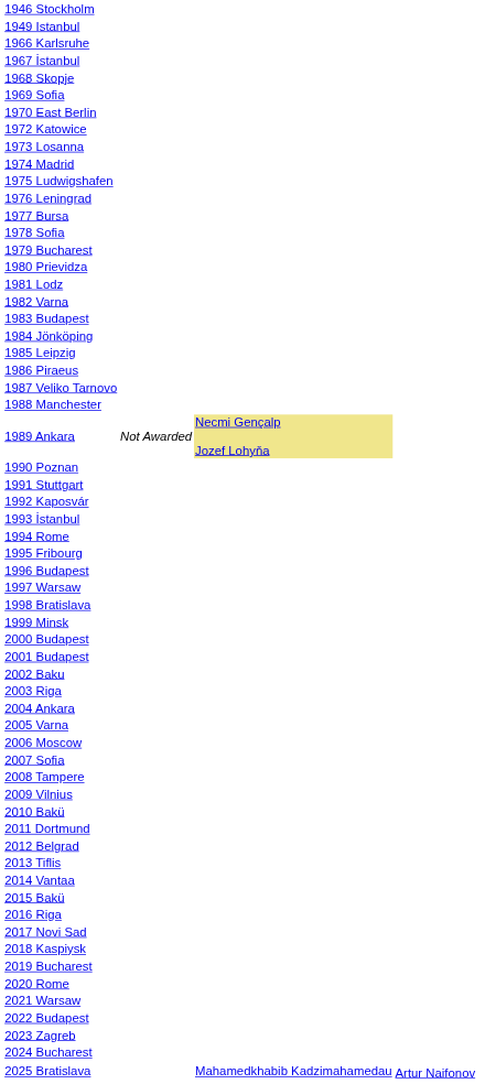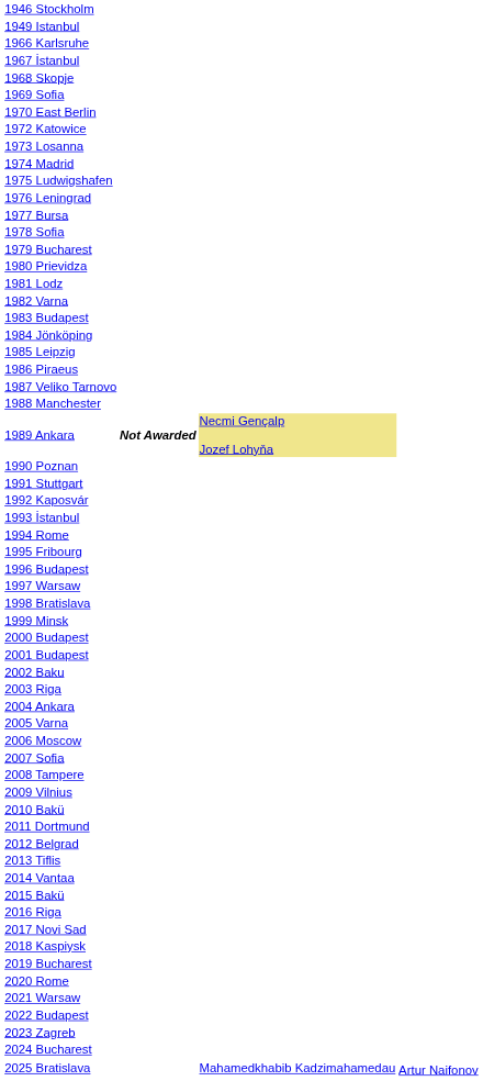 <table>
 <tr>
 <td><a href='#'>1946 Stockholm</a></td>
 <td></td>
 <td></td>
 <td></td>
 </tr>
 <tr>
 <td><a href='#'>1949 Istanbul</a></td>
 <td></td>
 <td></td>
 <td></td>
 </tr>
 <tr>
 <td><a href='#'>1966 Karlsruhe</a></td>
 <td></td>
 <td></td>
 <td></td>
 </tr>
 <tr>
 <td><a href='#'>1967 İstanbul</a></td>
 <td></td>
 <td></td>
 <td></td>
 </tr>
 <tr>
 <td><a href='#'>1968 Skopje</a></td>
 <td></td>
 <td></td>
 <td></td>
 </tr>
 <tr>
 <td><a href='#'>1969 Sofia</a></td>
 <td></td>
 <td></td>
 <td></td>
 </tr>
 <tr>
 <td><a href='#'>1970 East Berlin</a></td>
 <td></td>
 <td></td>
 <td></td>
 </tr>
 <tr>
 <td><a href='#'>1972 Katowice</a></td>
 <td></td>
 <td></td>
 <td></td>
 </tr>
 <tr>
 <td><a href='#'>1973 Losanna</a></td>
 <td></td>
 <td></td>
 <td></td>
 </tr>
 <tr>
 <td><a href='#'>1974 Madrid</a></td>
 <td></td>
 <td></td>
 <td></td>
 </tr>
 <tr>
 <td><a href='#'>1975 Ludwigshafen</a></td>
 <td></td>
 <td></td>
 <td></td>
 </tr>
 <tr>
 <td><a href='#'>1976 Leningrad</a></td>
 <td></td>
 <td></td>
 <td></td>
 </tr>
 <tr>
 <td><a href='#'>1977 Bursa</a></td>
 <td></td>
 <td></td>
 <td></td>
 </tr>
 <tr>
 <td><a href='#'>1978 Sofia</a></td>
 <td></td>
 <td></td>
 <td></td>
 </tr>
 <tr>
 <td><a href='#'>1979 Bucharest</a></td>
 <td></td>
 <td></td>
 <td></td>
 </tr>
 <tr>
 <td><a href='#'>1980 Prievidza</a></td>
 <td></td>
 <td></td>
 <td></td>
 </tr>
 <tr>
 <td><a href='#'>1981 Lodz</a></td>
 <td></td>
 <td></td>
 <td></td>
 </tr>
 <tr>
 <td><a href='#'>1982 Varna</a></td>
 <td></td>
 <td></td>
 <td></td>
 </tr>
 <tr>
 <td><a href='#'>1983 Budapest</a></td>
 <td></td>
 <td></td>
 <td></td>
 </tr>
 <tr>
 <td><a href='#'>1984 Jönköping</a></td>
 <td></td>
 <td></td>
 <td></td>
 </tr>
 <tr>
 <td><a href='#'>1985 Leipzig</a></td>
 <td></td>
 <td></td>
 <td></td>
 </tr>
 <tr>
 <td><a href='#'>1986 Piraeus</a></td>
 <td></td>
 <td></td>
 <td></td>
 </tr>
 <tr>
 <td><a href='#'>1987 Veliko Tarnovo</a></td>
 <td></td>
 <td></td>
 <td></td>
 </tr>
 <tr>
 <td><a href='#'>1988 Manchester</a></td>
 <td></td>
 <td></td>
 <td></td>
 </tr>
 <tr>
 <td><a href='#'>1989 Ankara</a></td>
-<td><em>Not Awarded</em></td>
+<td><strong><em>Not Awarded</em></strong></td>
 <td style="background: khaki;"><a href='#'>Necmi Gençalp</a> <br>  <br> <a href='#'>Jozef Lohyňa</a> <br> </td>
 <td></td>
 </tr>
 <tr>
 <td><a href='#'>1990 Poznan</a></td>
 <td></td>
 <td></td>
 <td></td>
 </tr>
 <tr>
 <td><a href='#'>1991 Stuttgart</a></td>
 <td></td>
 <td></td>
 <td></td>
 </tr>
 <tr>
 <td><a href='#'>1992 Kaposvár</a></td>
 <td></td>
 <td></td>
 <td></td>
 </tr>
 <tr>
 <td><a href='#'>1993 İstanbul</a></td>
 <td></td>
 <td></td>
 <td></td>
 </tr>
 <tr>
 <td><a href='#'>1994 Rome</a></td>
 <td></td>
 <td></td>
 <td></td>
 </tr>
 <tr>
 <td><a href='#'>1995 Fribourg</a></td>
 <td></td>
 <td></td>
 <td></td>
 </tr>
 <tr>
 <td><a href='#'>1996 Budapest</a></td>
 <td></td>
 <td></td>
 <td></td>
 </tr>
 <tr>
 <td><a href='#'>1997 Warsaw</a></td>
 <td></td>
 <td></td>
 <td></td>
 </tr>
 <tr>
 <td><a href='#'>1998 Bratislava</a></td>
 <td></td>
 <td></td>
 <td></td>
 </tr>
 <tr>
 <td><a href='#'>1999 Minsk</a></td>
 <td></td>
 <td></td>
 <td></td>
 </tr>
 <tr>
 <td><a href='#'>2000 Budapest</a></td>
 <td></td>
 <td></td>
 <td></td>
 </tr>
 <tr>
 <td><a href='#'>2001 Budapest</a></td>
 <td></td>
 <td></td>
 <td></td>
 </tr>
 <tr>
 <td><a href='#'>2002 Baku</a></td>
 <td></td>
 <td></td>
 <td></td>
 </tr>
 <tr>
 <td><a href='#'>2003 Riga</a></td>
 <td></td>
 <td></td>
 <td></td>
 </tr>
 <tr>
 <td><a href='#'>2004 Ankara</a></td>
 <td></td>
 <td></td>
 <td></td>
 </tr>
 <tr>
 <td rowspan=2><a href='#'>2005 Varna</a></td>
 <td rowspan=2></td>
 <td rowspan=2></td>
 <td></td>
 </tr>
 <tr>
 <td></td>
 </tr>
 <tr>
 <td rowspan=2><a href='#'>2006 Moscow</a></td>
 <td rowspan=2></td>
 <td rowspan=2></td>
 <td></td>
 </tr>
 <tr>
 <td></td>
 </tr>
 <tr>
 <td rowspan=2><a href='#'>2007 Sofia</a></td>
 <td rowspan=2></td>
 <td rowspan=2></td>
 <td></td>
 </tr>
 <tr>
 <td></td>
 </tr>
 <tr>
 <td rowspan=2><a href='#'>2008 Tampere</a></td>
 <td rowspan=2></td>
 <td rowspan=2></td>
 <td></td>
 </tr>
 <tr>
 <td></td>
 </tr>
 <tr>
 <td rowspan=2><a href='#'>2009 Vilnius</a></td>
 <td rowspan=2></td>
 <td rowspan=2></td>
 <td></td>
 </tr>
 <tr>
 <td></td>
 </tr>
 <tr>
 <td rowspan=2><a href='#'>2010 Bakü</a></td>
 <td rowspan=2></td>
 <td rowspan=2></td>
 <td></td>
 </tr>
 <tr>
 <td></td>
 </tr>
 <tr>
 <td rowspan=2><a href='#'>2011 Dortmund</a></td>
 <td rowspan=2></td>
 <td rowspan=2></td>
 <td></td>
 </tr>
 <tr>
 <td></td>
 </tr>
 <tr>
 <td rowspan=2><a href='#'>2012 Belgrad</a></td>
 <td rowspan=2></td>
 <td rowspan=2></td>
 <td></td>
 </tr>
 <tr>
 <td></td>
 </tr>
 <tr>
 <td rowspan=2><a href='#'>2013 Tiflis</a></td>
 <td rowspan=2></td>
 <td rowspan=2></td>
 <td></td>
 </tr>
 <tr>
 <td></td>
 </tr>
 <tr>
 <td rowspan=2><a href='#'>2014 Vantaa</a></td>
 <td rowspan=2></td>
 <td rowspan=2></td>
 <td></td>
 </tr>
 <tr>
 <td></td>
 </tr>
 <tr>
 <td rowspan=2><a href='#'>2015 Bakü</a></td>
 <td rowspan=2></td>
 <td rowspan=2></td>
 <td></td>
 </tr>
 <tr>
 <td></td>
 </tr>
 <tr>
 <td rowspan=2><a href='#'>2016 Riga</a></td>
 <td rowspan=2></td>
 <td rowspan=2></td>
 <td></td>
 </tr>
 <tr>
 <td></td>
 </tr>
 <tr>
 <td rowspan=2><a href='#'>2017 Novi Sad</a></td>
 <td rowspan=2></td>
 <td rowspan=2></td>
 <td></td>
 </tr>
 <tr>
 <td></td>
 </tr>
 <tr>
 <td rowspan=2><a href='#'>2018 Kaspiysk</a></td>
 <td rowspan=2></td>
 <td rowspan=2></td>
 <td></td>
 </tr>
 <tr>
 <td></td>
 </tr>
 <tr>
 <td rowspan=2><a href='#'>2019 Bucharest</a></td>
 <td rowspan=2></td>
 <td rowspan=2></td>
 <td></td>
 </tr>
 <tr>
 <td></td>
 </tr>
 <tr>
 <td rowspan=2><a href='#'>2020 Rome</a></td>
 <td rowspan=2></td>
 <td rowspan=2></td>
 <td></td>
 </tr>
 <tr>
 <td></td>
 </tr>
 <tr>
 <td rowspan=2><a href='#'>2021 Warsaw</a></td>
 <td rowspan=2></td>
 <td rowspan=2></td>
 <td></td>
 </tr>
 <tr>
 <td></td>
 </tr>
 <tr>
 <td rowspan=2><a href='#'>2022 Budapest</a></td>
 <td rowspan=2></td>
 <td rowspan=2></td>
 <td></td>
 </tr>
 <tr>
 <td></td>
 </tr>
 <tr>
 <td rowspan=2><a href='#'>2023 Zagreb</a></td>
 <td rowspan=2></td>
 <td rowspan=2></td>
 <td></td>
 </tr>
 <tr>
 <td></td>
 </tr>
 <tr>
 <td rowspan=2><a href='#'>2024 Bucharest</a></td>
 <td rowspan=2></td>
 <td rowspan=2></td>
 <td></td>
 </tr>
 <tr>
 <td></td>
 </tr>
 <tr>
 <td rowspan=2><a href='#'>2025 Bratislava</a></td>
 <td rowspan=2></td>
 <td rowspan=2> <a href='#'>Mahamedkhabib Kadzimahamedau</a> </td>
 <td></td>
 </tr>
 <tr>
 <td> <a href='#'>Artur Naifonov</a> </td>
 </tr>
 </table>
